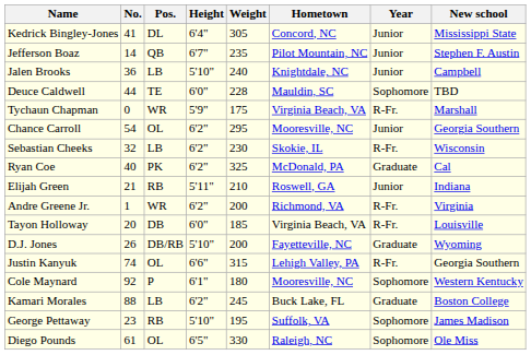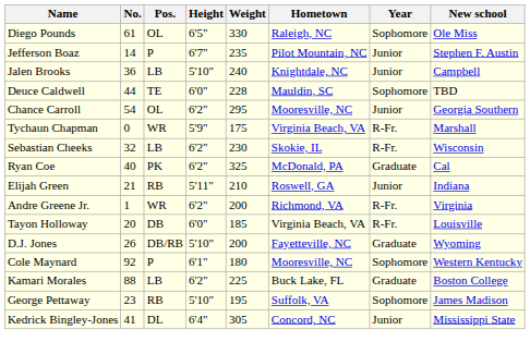 <table class="wikitable sortable">
 <tr>
 <th>Name</th>
 <th>No.</th>
 <th>Pos.</th>
 <th>Height</th>
 <th>Weight</th>
 <th>Hometown</th>
 <th>Year</th>
 <th class="unsortable">New school</th>
 </tr>
 <tr style="background:#FFFFE6;">
-<td>Kedrick Bingley-Jones</td>
-<td>41</td>
-<td>DL</td>
-<td>6'4"</td>
-<td>305</td>
-<td><a href='#'>Concord, NC</a></td>
-<td>Junior</td>
-<td><a href='#'>Mississippi State</a></td>
+<td>Diego Pounds</td>
+<td>61</td>
+<td>OL</td>
+<td>6'5"</td>
+<td>330</td>
+<td><a href='#'>Raleigh, NC</a></td>
+<td>Sophomore</td>
+<td><a href='#'>Ole Miss</a></td>
 </tr>
 <tr style="background:#FFFFE6;">
 <td>Jefferson Boaz</td>
 <td>14</td>
-<td>QB</td>
+<td>P</td>
 <td>6'7"</td>
 <td>235</td>
 <td><a href='#'>Pilot Mountain, NC</a></td>
 <td>Junior</td>
 <td><a href='#'>Stephen F. Austin</a></td>
 </tr>
 <tr style="background:#FFFFE6;">
 <td>Jalen Brooks</td>
 <td>36</td>
 <td>LB</td>
 <td>5'10"</td>
 <td>240</td>
 <td><a href='#'>Knightdale, NC</a></td>
 <td>Junior</td>
 <td><a href='#'>Campbell</a></td>
 </tr>
 <tr style="background:#FFFFE6;">
 <td>Deuce Caldwell</td>
 <td>44</td>
 <td>TE</td>
 <td>6'0"</td>
 <td>228</td>
 <td><a href='#'>Mauldin, SC</a></td>
 <td>Sophomore</td>
 <td>TBD</td>
 </tr>
 <tr style="background:#FFFFE6;">
+<td>Chance Carroll</td>
+<td>54</td>
+<td>OL</td>
+<td>6'2"</td>
+<td>295</td>
+<td><a href='#'>Mooresville, NC</a></td>
+<td>Junior</td>
+<td><a href='#'>Georgia Southern</a></td>
+</tr>
+<tr style="background:#FFFFE6;">
 <td>Tychaun Chapman</td>
 <td>0</td>
 <td>WR</td>
 <td>5'9"</td>
 <td>175</td>
 <td><a href='#'>Virginia Beach, VA</a></td>
 <td>R-Fr.</td>
 <td><a href='#'>Marshall</a></td>
-</tr>
-<tr style="background:#FFFFE6;">
-<td>Chance Carroll</td>
-<td>54</td>
-<td>OL</td>
-<td>6'2"</td>
-<td>295</td>
-<td><a href='#'>Mooresville, NC</a></td>
-<td>Junior</td>
-<td><a href='#'>Georgia Southern</a></td>
 </tr>
 <tr style="background:#FFFFE6;">
 <td>Sebastian Cheeks</td>
 <td>32</td>
 <td>LB</td>
 <td>6'2"</td>
 <td>230</td>
 <td><a href='#'>Skokie, IL</a></td>
 <td>R-Fr.</td>
 <td><a href='#'>Wisconsin</a></td>
 </tr>
 <tr style="background:#FFFFE6;">
 <td>Ryan Coe</td>
 <td>40</td>
 <td>PK</td>
 <td>6'2"</td>
 <td>325</td>
 <td><a href='#'>McDonald, PA</a></td>
 <td>Graduate</td>
 <td><a href='#'>Cal</a></td>
 </tr>
 <tr style="background:#FFFFE6;">
 <td>Elijah Green</td>
 <td>21</td>
 <td>RB</td>
 <td>5'11"</td>
 <td>210</td>
 <td><a href='#'>Roswell, GA</a></td>
 <td>Junior</td>
 <td><a href='#'>Indiana</a></td>
 </tr>
 <tr style="background:#FFFFE6;">
 <td>Andre Greene Jr.</td>
 <td>1</td>
 <td>WR</td>
 <td>6'2"</td>
 <td>200</td>
 <td><a href='#'>Richmond, VA</a></td>
 <td>R-Fr.</td>
 <td><a href='#'>Virginia</a></td>
 </tr>
 <tr style="background:#FFFFE6;">
 <td>Tayon Holloway</td>
 <td>20</td>
 <td>DB</td>
 <td>6'0"</td>
 <td>185</td>
 <td>Virginia Beach, VA</td>
 <td>R-Fr.</td>
 <td><a href='#'>Louisville</a></td>
 </tr>
 <tr style="background:#FFFFE6;">
 <td>D.J. Jones</td>
 <td>26</td>
 <td>DB/RB</td>
 <td>5'10"</td>
 <td>200</td>
 <td><a href='#'>Fayetteville, NC</a></td>
 <td>Graduate</td>
 <td><a href='#'>Wyoming</a></td>
 </tr>
 <tr style="background:#FFFFE6;">
-<td>Justin Kanyuk</td>
-<td>74</td>
-<td>OL</td>
-<td>6'6"</td>
-<td>315</td>
-<td><a href='#'>Lehigh Valley, PA</a></td>
-<td>R-Fr.</td>
-<td>Georgia Southern</td>
-</tr>
-<tr style="background:#FFFFE6;">
 <td>Cole Maynard</td>
 <td>92</td>
 <td>P</td>
 <td>6'1"</td>
 <td>180</td>
 <td><a href='#'>Mooresville, NC</a></td>
 <td>Sophomore</td>
 <td><a href='#'>Western Kentucky</a></td>
 </tr>
 <tr style="background:#FFFFE6;">
 <td>Kamari Morales</td>
 <td>88</td>
 <td>LB</td>
 <td>6'2"</td>
-<td>245</td>
+<td>225</td>
 <td>Buck Lake, FL</td>
 <td>Graduate</td>
 <td><a href='#'>Boston College</a></td>
 </tr>
 <tr style="background:#FFFFE6;">
 <td>George Pettaway</td>
 <td>23</td>
 <td>RB</td>
 <td>5'10"</td>
 <td>195</td>
 <td><a href='#'>Suffolk, VA</a></td>
 <td>Sophomore</td>
 <td><a href='#'>James Madison</a></td>
 </tr>
 <tr style="background:#FFFFE6;">
-<td>Diego Pounds</td>
-<td>61</td>
-<td>OL</td>
-<td>6'5"</td>
-<td>330</td>
-<td><a href='#'>Raleigh, NC</a></td>
-<td>Sophomore</td>
-<td><a href='#'>Ole Miss</a></td>
+<td>Kedrick Bingley-Jones</td>
+<td>41</td>
+<td>DL</td>
+<td>6'4"</td>
+<td>305</td>
+<td><a href='#'>Concord, NC</a></td>
+<td>Junior</td>
+<td><a href='#'>Mississippi State</a></td>
 </tr>
 </table>
